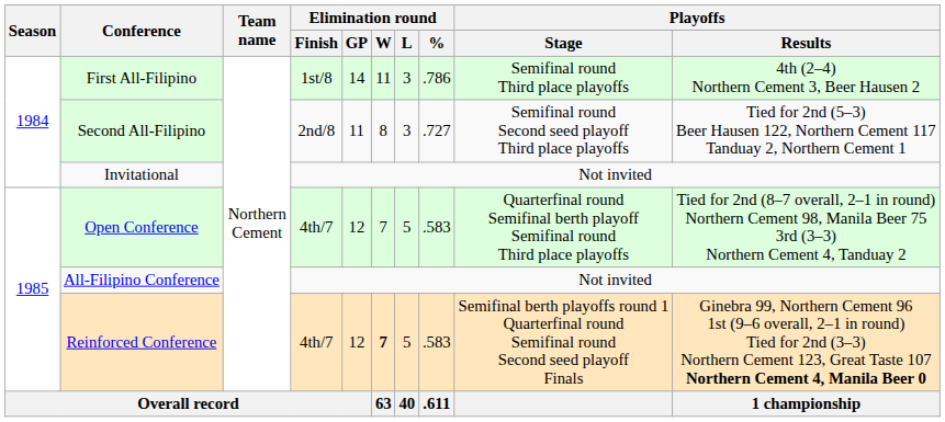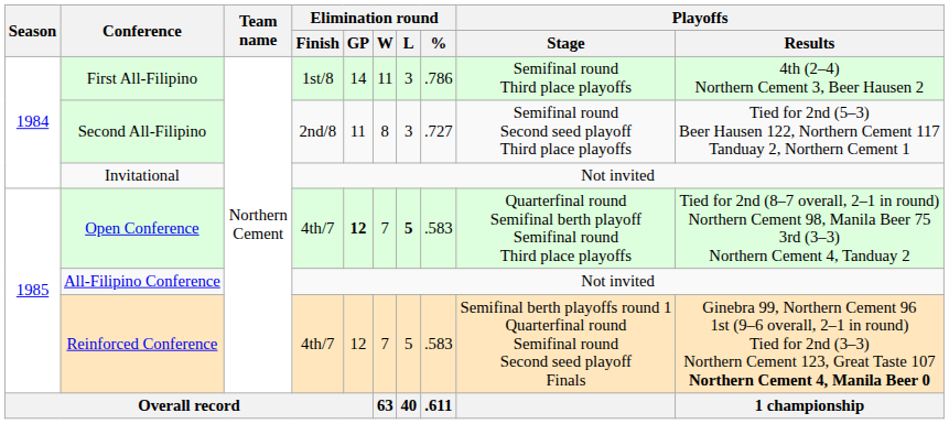 <table class=wikitable style="text-align:center;">
 <tr>
 <th rowspan=2>Season</th>
 <th rowspan=2>Conference</th>
 <th width=60px rowspan=2>Team name</th>
 <th colspan="5">Elimination round</th>
 <th colspan="2">Playoffs</th>
 </tr>
 <tr>
 <th>Finish</th>
 <th>GP</th>
 <th>W</th>
 <th>L</th>
 <th>%</th>
 <th>Stage</th>
 <th>Results</th>
 </tr>
 <tr bgcolor=#DDFFDD>
 <td bgcolor=white rowspan="3"><a href='#'>1984</a></td>
 <td>First All-Filipino</td>
 <td bgcolor=white rowspan="6">Northern Cement</td>
 <td>1st/8</td>
 <td>14</td>
 <td>11</td>
 <td>3</td>
 <td>.786</td>
 <td>Semifinal round<br>Third place playoffs</td>
 <td>4th (2–4)<br>Northern Cement 3, Beer Hausen 2</td>
 </tr>
 <tr>
 <td bgcolor=#DDFFDD>Second All-Filipino</td>
 <td>2nd/8</td>
 <td>11</td>
 <td>8</td>
 <td>3</td>
 <td>.727</td>
 <td>Semifinal round<br>Second seed playoff<br>Third place playoffs</td>
 <td>Tied for 2nd (5–3)<br>Beer Hausen 122, Northern Cement 117<br>Tanduay 2, Northern Cement 1</td>
 </tr>
 <tr>
 <td>Invitational</td>
 <td colspan="7">Not invited</td>
 </tr>
 <tr bgcolor="#DDFFDD">
 <td bgcolor=white rowspan="3"><a href='#'>1985</a></td>
 <td><a href='#'>Open Conference</a></td>
 <td>4th/7</td>
-<td>12</td>
+<td><strong>12</strong></td>
 <td>7</td>
-<td>5</td>
+<td><strong>5</strong></td>
 <td>.583</td>
 <td>Quarterfinal round<br>Semifinal berth playoff<br>Semifinal round<br>Third place playoffs</td>
 <td>Tied for 2nd (8–7 overall, 2–1 in round)<br>Northern Cement 98, Manila Beer 75<br>3rd (3–3)<br>Northern Cement 4, Tanduay 2</td>
 </tr>
 <tr>
 <td><a href='#'>All-Filipino Conference</a></td>
 <td colspan="7">Not invited</td>
 </tr>
 <tr bgcolor="#FFE6BD">
 <td><a href='#'>Reinforced Conference</a></td>
 <td>4th/7</td>
 <td>12</td>
-<td><strong>7</strong></td>
+<td>7</td>
 <td>5</td>
 <td>.583</td>
 <td>Semifinal berth playoffs round 1<br>Quarterfinal round<br>Semifinal round<br>Second seed playoff<br>Finals</td>
 <td>Ginebra 99, Northern Cement 96<br>1st (9–6 overall, 2–1 in round)<br>Tied for 2nd (3–3)<br>Northern Cement 123, Great Taste 107<br><strong>Northern Cement 4, Manila Beer 0</strong></td>
 </tr>
 <tr>
 <th colspan="5">Overall record</th>
 <th>63</th>
 <th>40</th>
 <th>.611</th>
 <th></th>
 <th>1 championship</th>
 </tr>
 </table>
